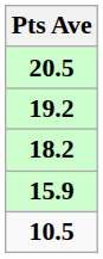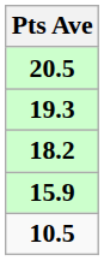 <table class="wikitable" style="text-align: center;">
 <tr>
 <th>Pts Ave</th>
 </tr>
 <tr>
 <td style="background:#ccffcc;"><strong>20.5</strong></td>
 </tr>
 <tr>
-<td style="background:#ccffcc;"><strong>19.2</strong></td>
+<td style="background:#ccffcc;"><strong>19.3</strong></td>
 </tr>
 <tr>
 <td style="background:#ccffcc;"><strong>18.2</strong></td>
 </tr>
 <tr>
 <td style="background:#ccffcc;"><strong>15.9</strong></td>
 </tr>
 <tr>
 <td><strong>10.5</strong></td>
 </tr>
 </table>
